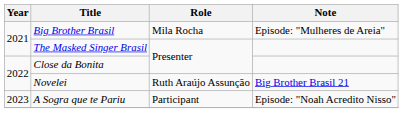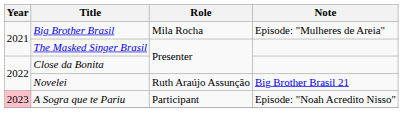 <table class="wikitable">
 <tr>
 <th>Year</th>
 <th>Title</th>
 <th>Role</th>
 <th>Note</th>
 </tr>
 <tr>
 <td rowspan="2">2021</td>
 <td><em><a href='#'>Big Brother Brasil</a></em></td>
 <td>Mila Rocha</td>
 <td>Episode: "Mulheres de Areia"</td>
 </tr>
 <tr>
 <td><em><a href='#'>The Masked Singer Brasil</a></em></td>
 <td rowspan="2">Presenter</td>
 <td></td>
 </tr>
 <tr>
 <td rowspan="2">2022</td>
 <td><em>Close da Bonita</em></td>
 <td></td>
 </tr>
 <tr>
 <td><em>Novelei</em></td>
 <td>Ruth Araújo Assunção</td>
 <td><a href='#'>Big Brother Brasil 21</a></td>
 </tr>
 <tr>
-<td>2023</td>
+<td style="background: pink;">2023</td>
 <td><em>A Sogra que te Pariu</em></td>
 <td>Participant</td>
 <td>Episode: "Noah Acredito Nisso"</td>
 </tr>
 <tr>
 </tr>
 </table>
